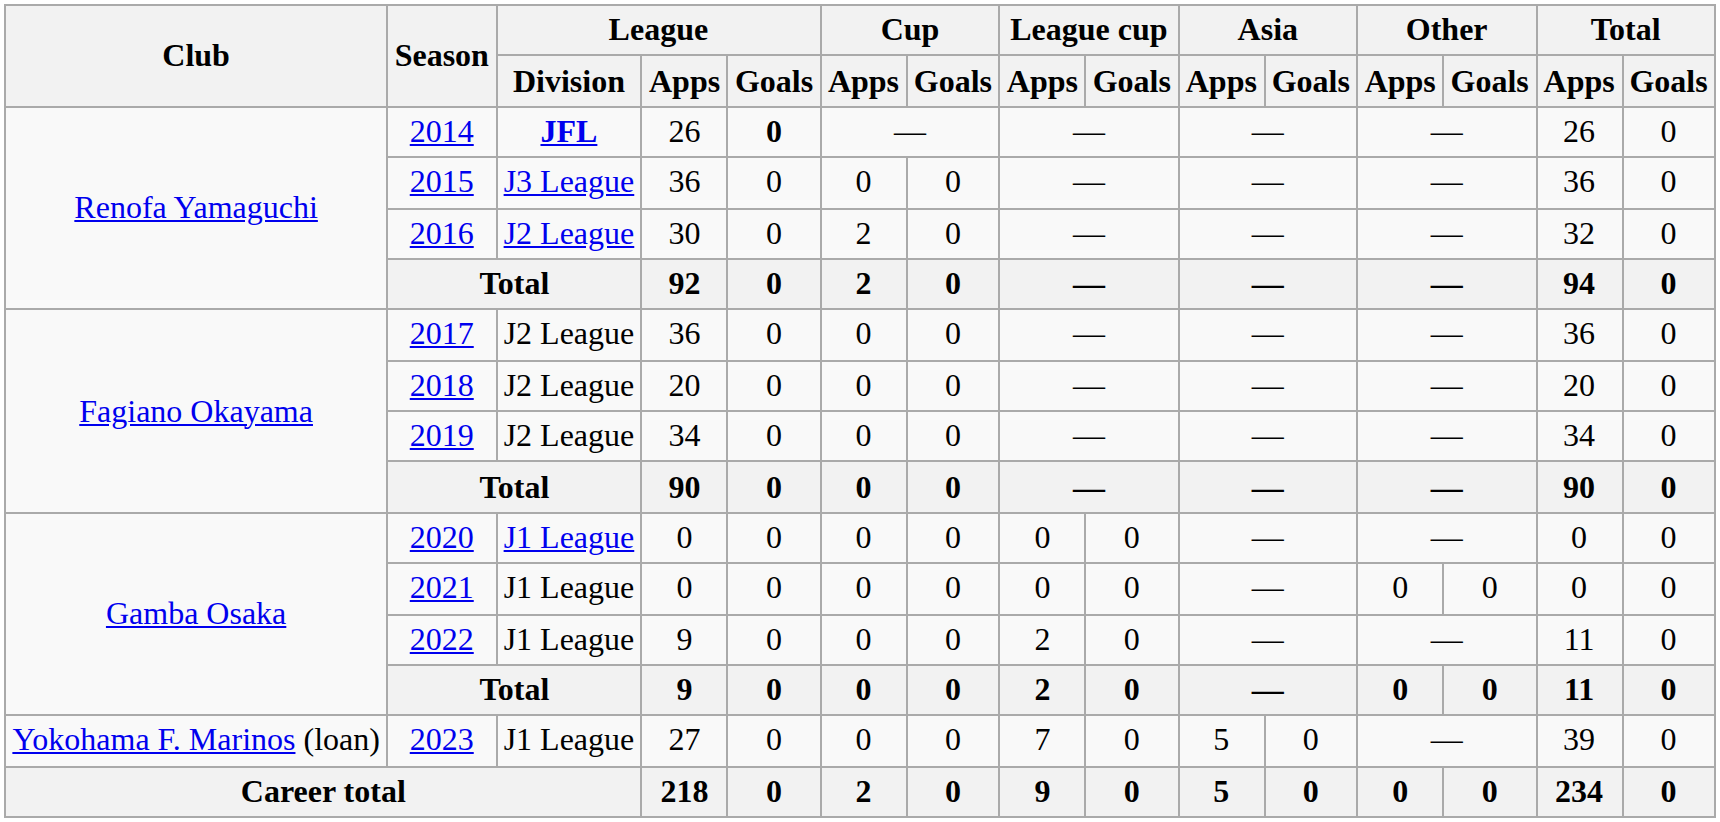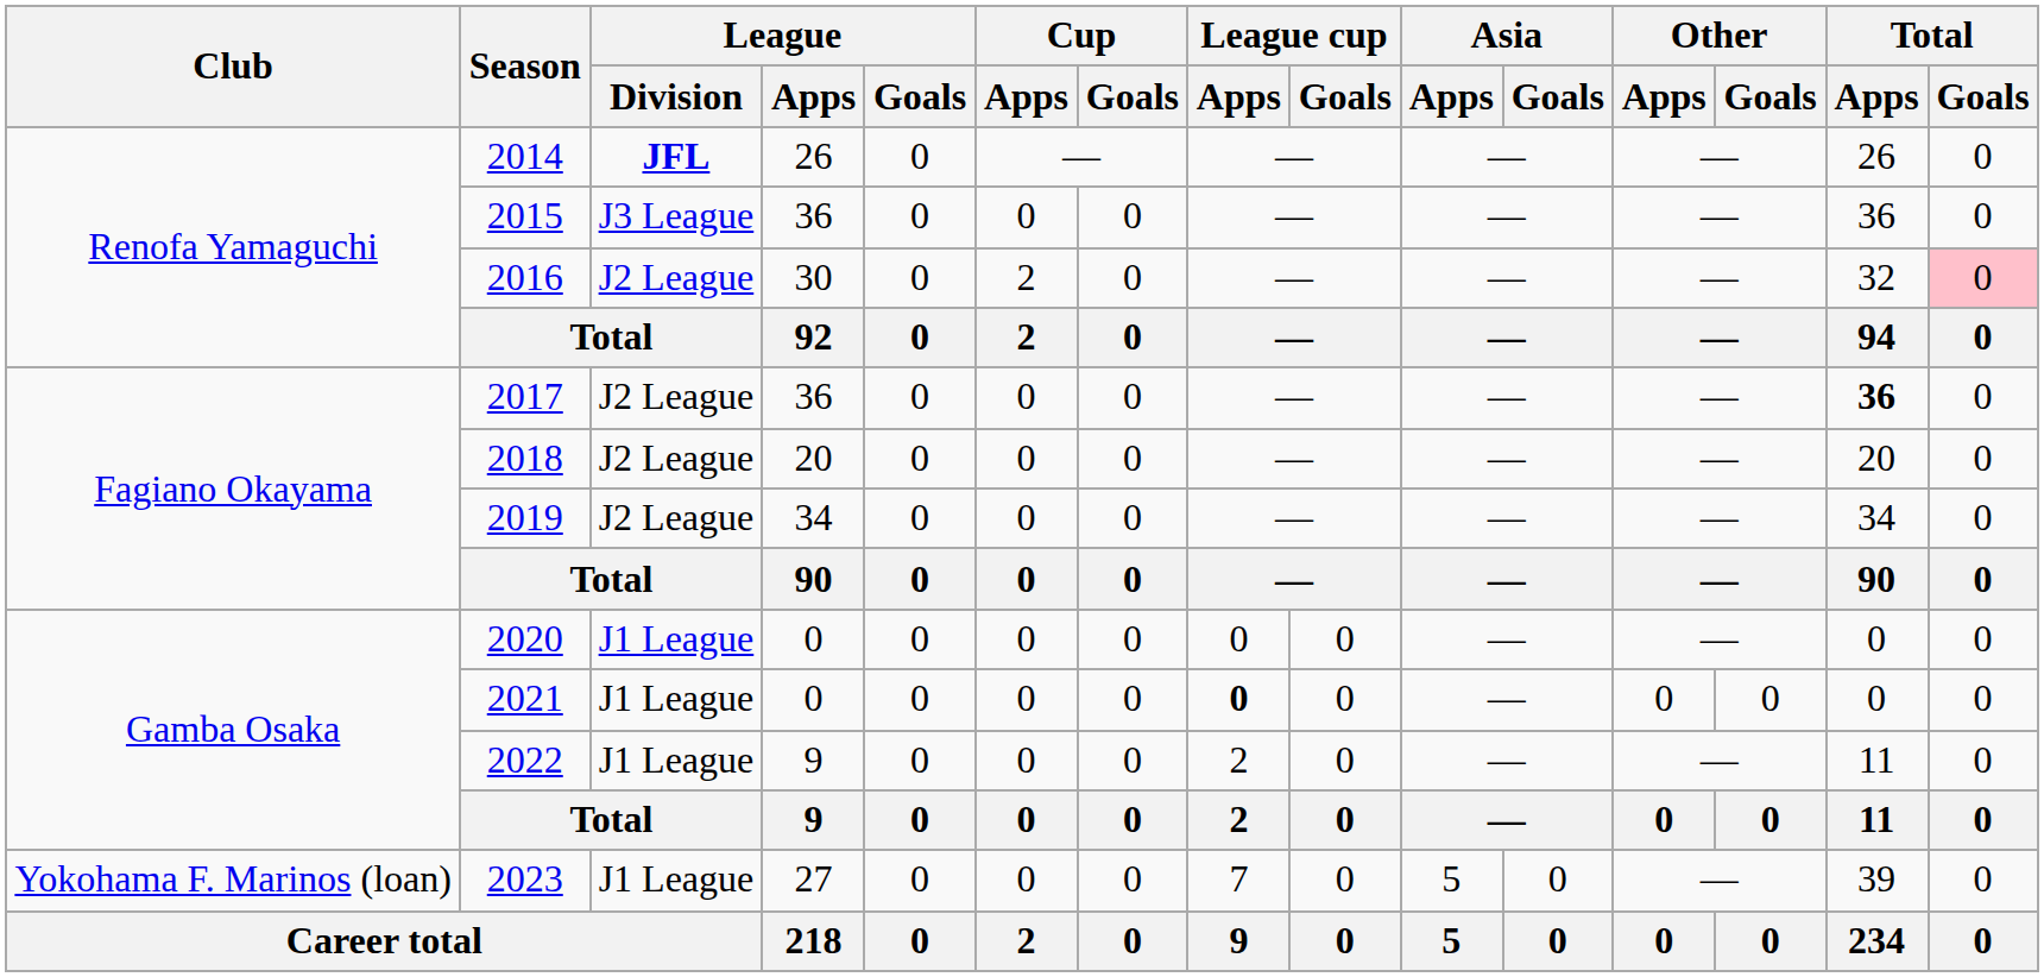 <table class="wikitable" style="text-align:center;">
 <tr>
 <th rowspan="2">Club</th>
 <th rowspan="2">Season</th>
 <th colspan="3">League</th>
 <th colspan="2">Cup</th>
 <th colspan="2">League cup</th>
 <th colspan="2">Asia</th>
 <th colspan="2">Other</th>
 <th colspan="2">Total</th>
 </tr>
 <tr>
 <th>Division</th>
 <th>Apps</th>
 <th>Goals</th>
 <th>Apps</th>
 <th>Goals</th>
 <th>Apps</th>
 <th>Goals</th>
 <th>Apps</th>
 <th>Goals</th>
 <th>Apps</th>
 <th>Goals</th>
 <th>Apps</th>
 <th>Goals</th>
 </tr>
 <tr>
 <td rowspan="4"><a href='#'>Renofa Yamaguchi</a></td>
 <td><a href='#'>2014</a></td>
 <td><strong><a href='#'>JFL</a></strong></td>
 <td>26</td>
-<td><strong>0</strong></td>
+<td>0</td>
 <td colspan="2">—</td>
 <td colspan="2">—</td>
 <td colspan="2">—</td>
 <td colspan="2">—</td>
 <td>26</td>
 <td>0</td>
 </tr>
 <tr>
 <td><a href='#'>2015</a></td>
 <td><a href='#'>J3 League</a></td>
 <td>36</td>
 <td>0</td>
 <td>0</td>
 <td>0</td>
 <td colspan="2">—</td>
 <td colspan="2">—</td>
 <td colspan="2">—</td>
 <td>36</td>
 <td>0</td>
 </tr>
 <tr>
 <td><a href='#'>2016</a></td>
 <td><a href='#'>J2 League</a></td>
 <td>30</td>
 <td>0</td>
 <td>2</td>
 <td>0</td>
 <td colspan="2">—</td>
 <td colspan="2">—</td>
 <td colspan="2">—</td>
 <td>32</td>
-<td>0</td>
+<td style="background: pink;">0</td>
 </tr>
 <tr>
 <th colspan="2">Total</th>
 <th>92</th>
 <th>0</th>
 <th>2</th>
 <th>0</th>
 <th colspan="2">—</th>
 <th colspan="2">—</th>
 <th colspan="2">—</th>
 <th>94</th>
 <th>0</th>
 </tr>
 <tr>
 <td rowspan="4"><a href='#'>Fagiano Okayama</a></td>
 <td><a href='#'>2017</a></td>
 <td>J2 League</td>
 <td>36</td>
 <td>0</td>
 <td>0</td>
 <td>0</td>
 <td colspan="2">—</td>
 <td colspan="2">—</td>
 <td colspan="2">—</td>
-<td>36</td>
+<td><strong>36</strong></td>
 <td>0</td>
 </tr>
 <tr>
 <td><a href='#'>2018</a></td>
 <td>J2 League</td>
 <td>20</td>
 <td>0</td>
 <td>0</td>
 <td>0</td>
 <td colspan="2">—</td>
 <td colspan="2">—</td>
 <td colspan="2">—</td>
 <td>20</td>
 <td>0</td>
 </tr>
 <tr>
 <td><a href='#'>2019</a></td>
 <td>J2 League</td>
 <td>34</td>
 <td>0</td>
 <td>0</td>
 <td>0</td>
 <td colspan="2">—</td>
 <td colspan="2">—</td>
 <td colspan="2">—</td>
 <td>34</td>
 <td>0</td>
 </tr>
 <tr>
 <th colspan=2>Total</th>
 <th>90</th>
 <th>0</th>
 <th>0</th>
 <th>0</th>
 <th colspan="2">—</th>
 <th colspan="2">—</th>
 <th colspan="2">—</th>
 <th>90</th>
 <th>0</th>
 </tr>
 <tr>
 <td rowspan="4"><a href='#'>Gamba Osaka</a></td>
 <td><a href='#'>2020</a></td>
 <td><a href='#'>J1 League</a></td>
 <td>0</td>
 <td>0</td>
 <td>0</td>
 <td>0</td>
 <td>0</td>
 <td>0</td>
 <td colspan="2">—</td>
 <td colspan="2">—</td>
 <td>0</td>
 <td>0</td>
 </tr>
 <tr>
 <td><a href='#'>2021</a></td>
 <td>J1 League</td>
 <td>0</td>
 <td>0</td>
 <td>0</td>
 <td>0</td>
-<td>0</td>
+<td><strong>0</strong></td>
 <td>0</td>
 <td colspan="2">—</td>
 <td>0</td>
 <td>0</td>
 <td>0</td>
 <td>0</td>
 </tr>
 <tr>
 <td><a href='#'>2022</a></td>
 <td>J1 League</td>
 <td>9</td>
 <td>0</td>
 <td>0</td>
 <td>0</td>
 <td>2</td>
 <td>0</td>
 <td colspan="2">—</td>
 <td colspan="2">—</td>
 <td>11</td>
 <td>0</td>
 </tr>
 <tr>
 <th colspan=2>Total</th>
 <th>9</th>
 <th>0</th>
 <th>0</th>
 <th>0</th>
 <th>2</th>
 <th>0</th>
 <th colspan="2">—</th>
 <th>0</th>
 <th>0</th>
 <th>11</th>
 <th>0</th>
 </tr>
 <tr>
 <td><a href='#'>Yokohama F. Marinos</a> (loan)</td>
 <td><a href='#'>2023</a></td>
 <td>J1 League</td>
 <td>27</td>
 <td>0</td>
 <td>0</td>
 <td>0</td>
 <td>7</td>
 <td>0</td>
 <td>5</td>
 <td>0</td>
 <td colspan="2">—</td>
 <td>39</td>
 <td>0</td>
 </tr>
 <tr>
 <th colspan=3>Career total</th>
 <th>218</th>
 <th>0</th>
 <th>2</th>
 <th>0</th>
 <th>9</th>
 <th>0</th>
 <th>5</th>
 <th>0</th>
 <th>0</th>
 <th>0</th>
 <th>234</th>
 <th>0</th>
 </tr>
 </table>
